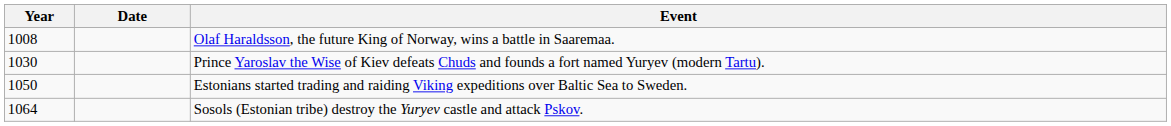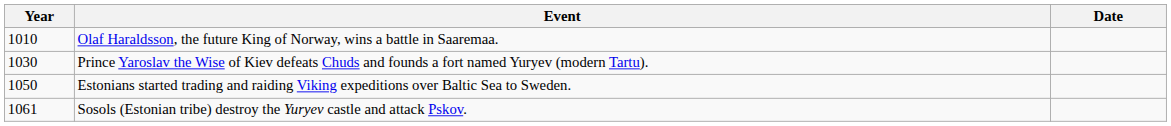 <table class="wikitable" width="100%">
 <tr>
 <th style="width:6%">Year</th>
+<th>Event</th>
 <th style="width:10%">Date</th>
-<th>Event</th>
 </tr>
 <tr>
-<td>1008</td>
+<td>1010</td>
+<td><a href='#'>Olaf Haraldsson</a>, the future King of Norway, wins a battle in Saaremaa.</td>
 <td></td>
-<td><a href='#'>Olaf Haraldsson</a>, the future King of Norway, wins a battle in Saaremaa.</td>
 </tr>
 <tr>
 <td>1030</td>
+<td>Prince <a href='#'>Yaroslav the Wise</a> of Kiev defeats <a href='#'>Chuds</a> and founds a fort named Yuryev (modern <a href='#'>Tartu</a>).</td>
 <td></td>
-<td>Prince <a href='#'>Yaroslav the Wise</a> of Kiev defeats <a href='#'>Chuds</a> and founds a fort named Yuryev (modern <a href='#'>Tartu</a>).</td>
 </tr>
 <tr>
 <td>1050</td>
+<td>Estonians started trading and raiding <a href='#'>Viking</a> expeditions over Baltic Sea to Sweden.</td>
 <td></td>
-<td>Estonians started trading and raiding <a href='#'>Viking</a> expeditions over Baltic Sea to Sweden.</td>
 </tr>
 <tr>
-<td>1064</td>
+<td>1061</td>
+<td>Sosols (Estonian tribe) destroy the <em>Yuryev</em> castle and attack <a href='#'>Pskov</a>.</td>
 <td></td>
-<td>Sosols (Estonian tribe) destroy the <em>Yuryev</em> castle and attack <a href='#'>Pskov</a>.</td>
 </tr>
 </table>
